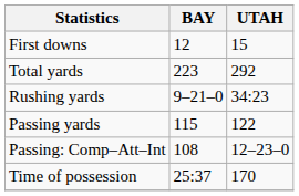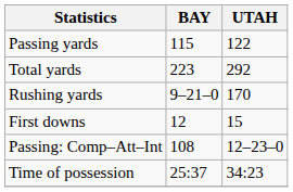 <table class="wikitable" style="float: left;">
 <tr>
 <th>Statistics</th>
 <th>BAY</th>
 <th>UTAH</th>
 </tr>
 <tr>
-<td>First downs</td>
-<td>12</td>
-<td>15</td>
+<td>Passing yards</td>
+<td>115</td>
+<td>122</td>
 </tr>
 <tr>
 <td>Total yards</td>
 <td>223</td>
 <td>292</td>
 </tr>
 <tr>
 <td>Rushing yards</td>
 <td>9–21–0</td>
-<td>34:23</td>
+<td>170</td>
 </tr>
 <tr>
-<td>Passing yards</td>
-<td>115</td>
-<td>122</td>
+<td>First downs</td>
+<td>12</td>
+<td>15</td>
 </tr>
 <tr>
 <td>Passing: Comp–Att–Int</td>
 <td>108</td>
 <td>12–23–0</td>
 </tr>
 <tr>
 <td>Time of possession</td>
 <td>25:37</td>
-<td>170</td>
+<td>34:23</td>
 </tr>
 <tr>
 </tr>
 </table>
